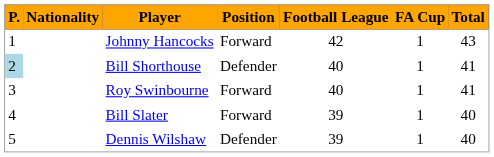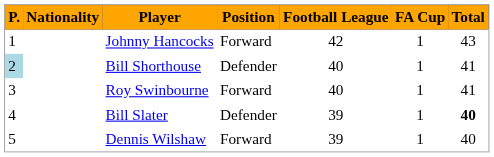 <table cellspacing="0" cellpadding="3" style="border:1px solid #AAAAAA;font-size:90%">
 <tr bgcolor="#191970">
 <th style=background:orange; align="center"><span>P.</span></th>
 <th style=background:orange; align="center"><span>Nationality</span></th>
 <th style=background:orange; align="center"><span>Player</span></th>
 <th style=background:orange; align="center"><span>Position</span></th>
 <th style=background:orange; align="center"><span>Football League</span></th>
 <th style=background:orange; align="center"><span>FA Cup</span></th>
 <th style=background:orange; align="center"><span>Total</span></th>
 </tr>
 <tr>
 <td>1</td>
 <td></td>
 <td><a href='#'>Johnny Hancocks</a></td>
 <td>Forward</td>
 <td align="center">42</td>
 <td align="center">1</td>
 <td align="center">43</td>
 </tr>
 <tr>
 <td style="background: lightblue;">2</td>
 <td></td>
 <td><a href='#'>Bill Shorthouse</a></td>
 <td>Defender</td>
 <td align="center">40</td>
 <td align="center">1</td>
 <td align="center">41</td>
 </tr>
 <tr>
 <td>3</td>
 <td></td>
 <td><a href='#'>Roy Swinbourne</a></td>
 <td>Forward</td>
 <td align="center">40</td>
 <td align="center">1</td>
 <td align="center">41</td>
 </tr>
 <tr>
 <td>4</td>
 <td></td>
 <td><a href='#'>Bill Slater</a></td>
-<td>Forward</td>
+<td>Defender</td>
 <td align="center">39</td>
 <td align="center">1</td>
-<td align="center">40</td>
+<td align="center"><strong>40</strong></td>
 </tr>
 <tr>
 <td>5</td>
 <td></td>
 <td><a href='#'>Dennis Wilshaw</a></td>
-<td>Defender</td>
+<td>Forward</td>
 <td align="center">39</td>
 <td align="center">1</td>
 <td align="center">40</td>
 </tr>
 <tr>
 </tr>
 </table>
